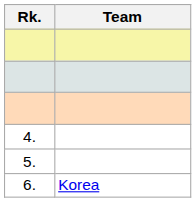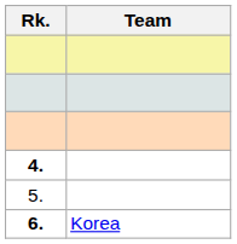 <table class="wikitable" style="border:1px solid #AAAAAA;font-size:90%">
 <tr bgcolor="#E4E4E4">
 <th style="border-bottom:1px solid #AAAAAA" width=40>Rk.</th>
 <th style="border-bottom:1px solid #AAAAAA" width=120>Team</th>
 </tr>
 <tr bgcolor="#F7F6A8">
 <td align="center" style="height:23px"></td>
 <td><strong></strong></td>
 </tr>
 <tr bgcolor="#DCE5E5">
 <td align="center" style="height:23px"></td>
 <td></td>
 </tr>
 <tr bgcolor="#FFDAB9">
 <td align="center" style="height:23px"></td>
 <td></td>
 </tr>
 <tr style="background:#ffffff;">
-<td align="center">4.</td>
+<td align="center"><strong>4.</strong></td>
 <td></td>
 </tr>
 <tr style="background:#ffffff;">
 <td align="center">5.</td>
 <td></td>
 </tr>
 <tr style="background:#ffffff;">
-<td align="center">6.</td>
+<td align="center"><strong>6.</strong></td>
 <td> <a href='#'>Korea</a></td>
 </tr>
 </table>
